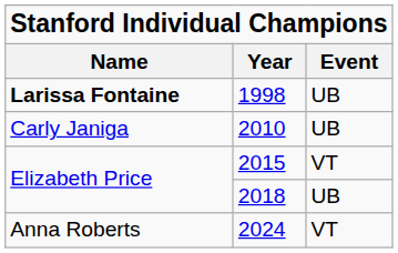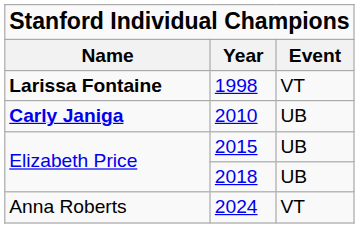 <table class="wikitable" style="margin: 1em auto 1em auto">
 <tr>
 <td colspan="3" align="center"><big><span><strong>Stanford Individual Champions</strong></span></big></td>
 </tr>
 <tr align="center" valign="top">
 <th>Name</th>
 <th>Year</th>
 <th>Event</th>
 </tr>
 <tr>
 <td><strong>Larissa Fontaine</strong></td>
 <td><a href='#'>1998</a></td>
-<td>UB</td>
+<td>VT</td>
 </tr>
 <tr>
-<td><a href='#'>Carly Janiga</a></td>
+<td><strong><a href='#'>Carly Janiga</a></strong></td>
 <td><a href='#'>2010</a></td>
 <td>UB</td>
 </tr>
 <tr>
 <td rowspan="2"><a href='#'>Elizabeth Price</a></td>
 <td><a href='#'>2015</a></td>
-<td>VT</td>
+<td>UB</td>
 </tr>
 <tr>
 <td><a href='#'>2018</a></td>
 <td>UB</td>
 </tr>
 <tr>
 <td>Anna Roberts</td>
 <td><a href='#'>2024</a></td>
 <td>VT</td>
 </tr>
 </table>
